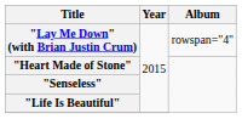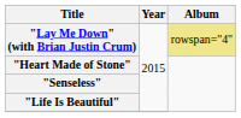 <table class="wikitable plainrowheaders">
 <tr>
 <th>Title</th>
 <th>Year</th>
 <th>Album</th>
 </tr>
 <tr>
 <th scope="row">"<a href='#'>Lay Me Down</a>"<br><span>(with <a href='#'>Brian Justin Crum</a>)</span></th>
 <td rowspan="4">2015</td>
-<td>rowspan="4" </td>
+<td style="background: khaki;">rowspan="4" </td>
 </tr>
 <tr>
 <th scope="row">"Heart Made of Stone"</th>
 </tr>
 <tr>
 <th scope="row">"Senseless"</th>
 </tr>
 <tr>
 <th scope="row">"Life Is Beautiful"</th>
 </tr>
 <tr>
 </tr>
 </table>
